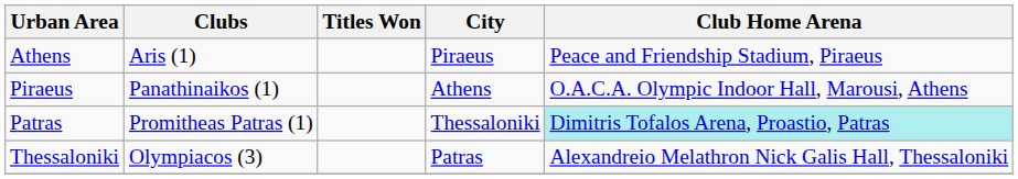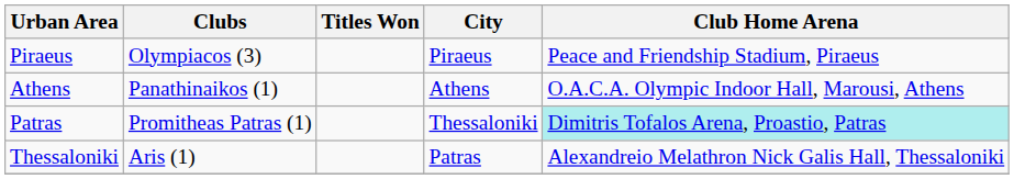 <table class="wikitable">
 <tr>
 <th>Urban Area</th>
 <th>Clubs</th>
 <th>Titles Won</th>
 <th>City</th>
 <th>Club Home Arena</th>
 </tr>
 <tr>
-<td><a href='#'>Athens</a></td>
-<td> <a href='#'>Aris</a>  (1) <br></td>
+<td><a href='#'>Piraeus</a></td>
+<td> <a href='#'>Olympiacos</a>  (3) <br></td>
 <td></td>
 <td><a href='#'>Piraeus</a><br></td>
 <td><a href='#'>Peace and Friendship Stadium</a>, <a href='#'>Piraeus</a><br></td>
 </tr>
 <tr>
-<td><a href='#'>Piraeus</a></td>
+<td><a href='#'>Athens</a></td>
 <td> <a href='#'>Panathinaikos</a> (1) <br></td>
 <td></td>
 <td><a href='#'>Athens</a><br></td>
 <td><a href='#'>O.A.C.A. Olympic Indoor Hall</a>, <a href='#'>Marousi</a>, <a href='#'>Athens</a><br></td>
 </tr>
 <tr>
 <td><a href='#'>Patras</a></td>
 <td> <a href='#'>Promitheas Patras</a> (1) <br></td>
 <td></td>
 <td><a href='#'>Thessaloniki</a><br></td>
 <td style="background: paleturquoise;"><a href='#'>Dimitris Tofalos Arena</a>, <a href='#'>Proastio</a>, <a href='#'>Patras</a><br></td>
 </tr>
 <tr>
 <td><a href='#'>Thessaloniki</a></td>
-<td> <a href='#'>Olympiacos</a>  (3) <br></td>
+<td> <a href='#'>Aris</a>  (1) <br></td>
 <td></td>
 <td><a href='#'>Patras</a><br></td>
 <td><a href='#'>Alexandreio Melathron Nick Galis Hall</a>, <a href='#'>Thessaloniki</a><br></td>
 </tr>
 <tr>
 </tr>
 </table>
